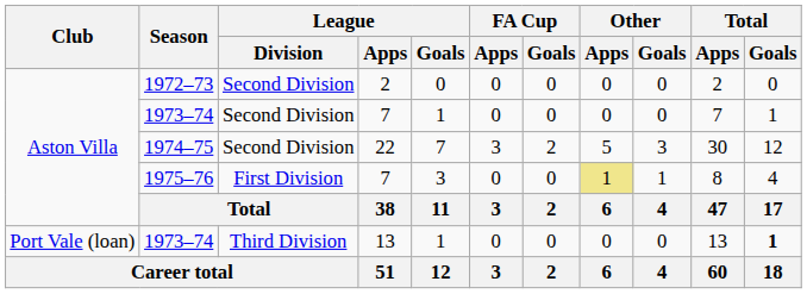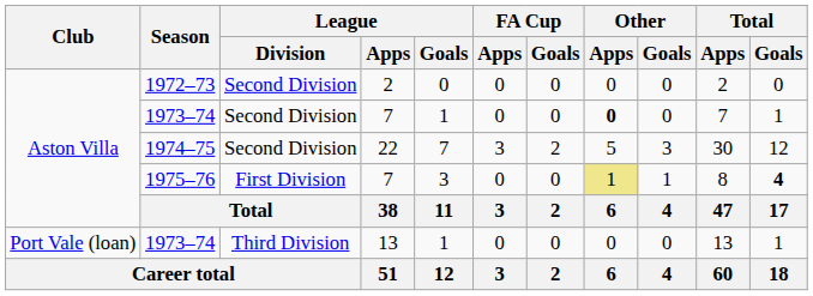 <table class="wikitable" style="text-align:center">
 <tr>
 <th rowspan="2">Club</th>
 <th rowspan="2">Season</th>
 <th colspan="3">League</th>
 <th colspan="2">FA Cup</th>
 <th colspan="2">Other</th>
 <th colspan="2">Total</th>
 </tr>
 <tr>
 <th>Division</th>
 <th>Apps</th>
 <th>Goals</th>
 <th>Apps</th>
 <th>Goals</th>
 <th>Apps</th>
 <th>Goals</th>
 <th>Apps</th>
 <th>Goals</th>
 </tr>
 <tr>
 <td rowspan="5"><a href='#'>Aston Villa</a></td>
 <td><a href='#'>1972–73</a></td>
 <td><a href='#'>Second Division</a></td>
 <td>2</td>
 <td>0</td>
 <td>0</td>
 <td>0</td>
 <td>0</td>
 <td>0</td>
 <td>2</td>
 <td>0</td>
 </tr>
 <tr>
 <td><a href='#'>1973–74</a></td>
 <td>Second Division</td>
 <td>7</td>
 <td>1</td>
 <td>0</td>
 <td>0</td>
-<td>0</td>
+<td><strong>0</strong></td>
 <td>0</td>
 <td>7</td>
 <td>1</td>
 </tr>
 <tr>
 <td><a href='#'>1974–75</a></td>
 <td>Second Division</td>
 <td>22</td>
 <td>7</td>
 <td>3</td>
 <td>2</td>
 <td>5</td>
 <td>3</td>
 <td>30</td>
 <td>12</td>
 </tr>
 <tr>
 <td><a href='#'>1975–76</a></td>
 <td><a href='#'>First Division</a></td>
 <td>7</td>
 <td>3</td>
 <td>0</td>
 <td>0</td>
 <td style="background: khaki;">1</td>
 <td>1</td>
 <td>8</td>
-<td>4</td>
+<td><strong>4</strong></td>
 </tr>
 <tr>
 <th colspan="2">Total</th>
 <th>38</th>
 <th>11</th>
 <th>3</th>
 <th>2</th>
 <th>6</th>
 <th>4</th>
 <th>47</th>
 <th>17</th>
 </tr>
 <tr>
 <td><a href='#'>Port Vale</a> (loan)</td>
 <td><a href='#'>1973–74</a></td>
 <td><a href='#'>Third Division</a></td>
 <td>13</td>
 <td>1</td>
 <td>0</td>
 <td>0</td>
 <td>0</td>
 <td>0</td>
 <td>13</td>
-<td><strong>1</strong></td>
+<td>1</td>
 </tr>
 <tr>
 <th colspan="3">Career total</th>
 <th>51</th>
 <th>12</th>
 <th>3</th>
 <th>2</th>
 <th>6</th>
 <th>4</th>
 <th>60</th>
 <th>18</th>
 </tr>
 </table>
